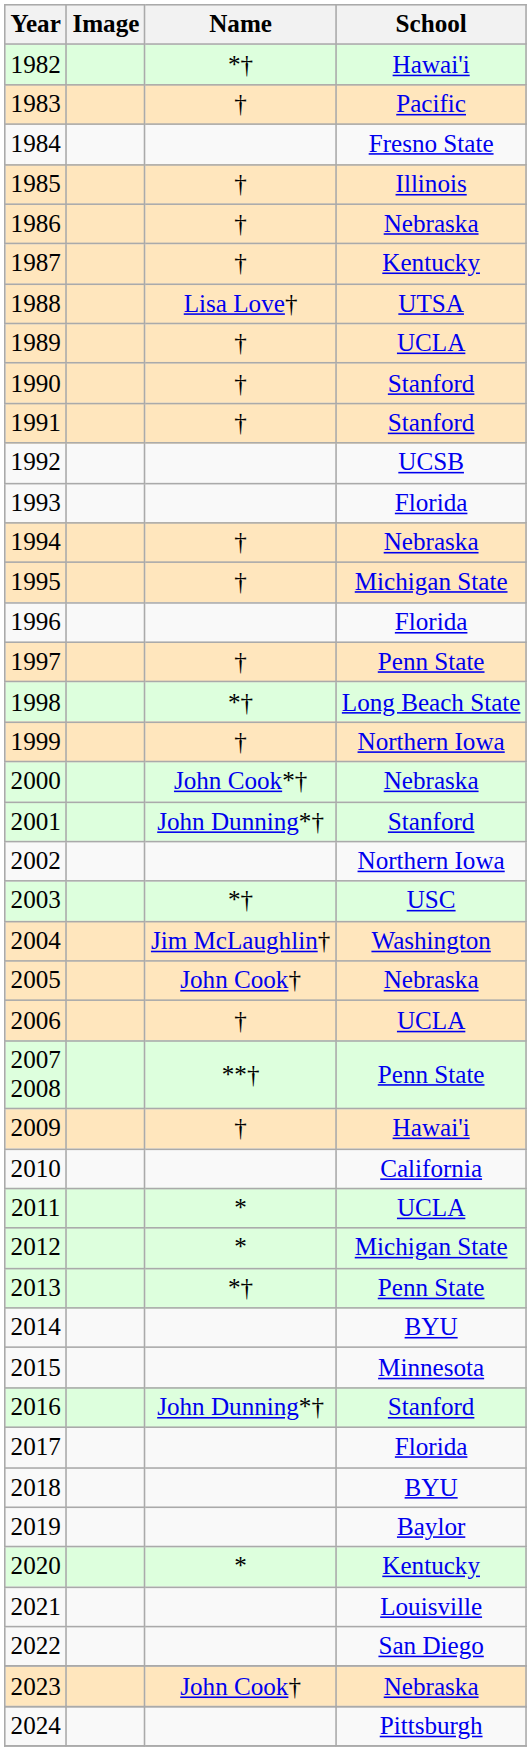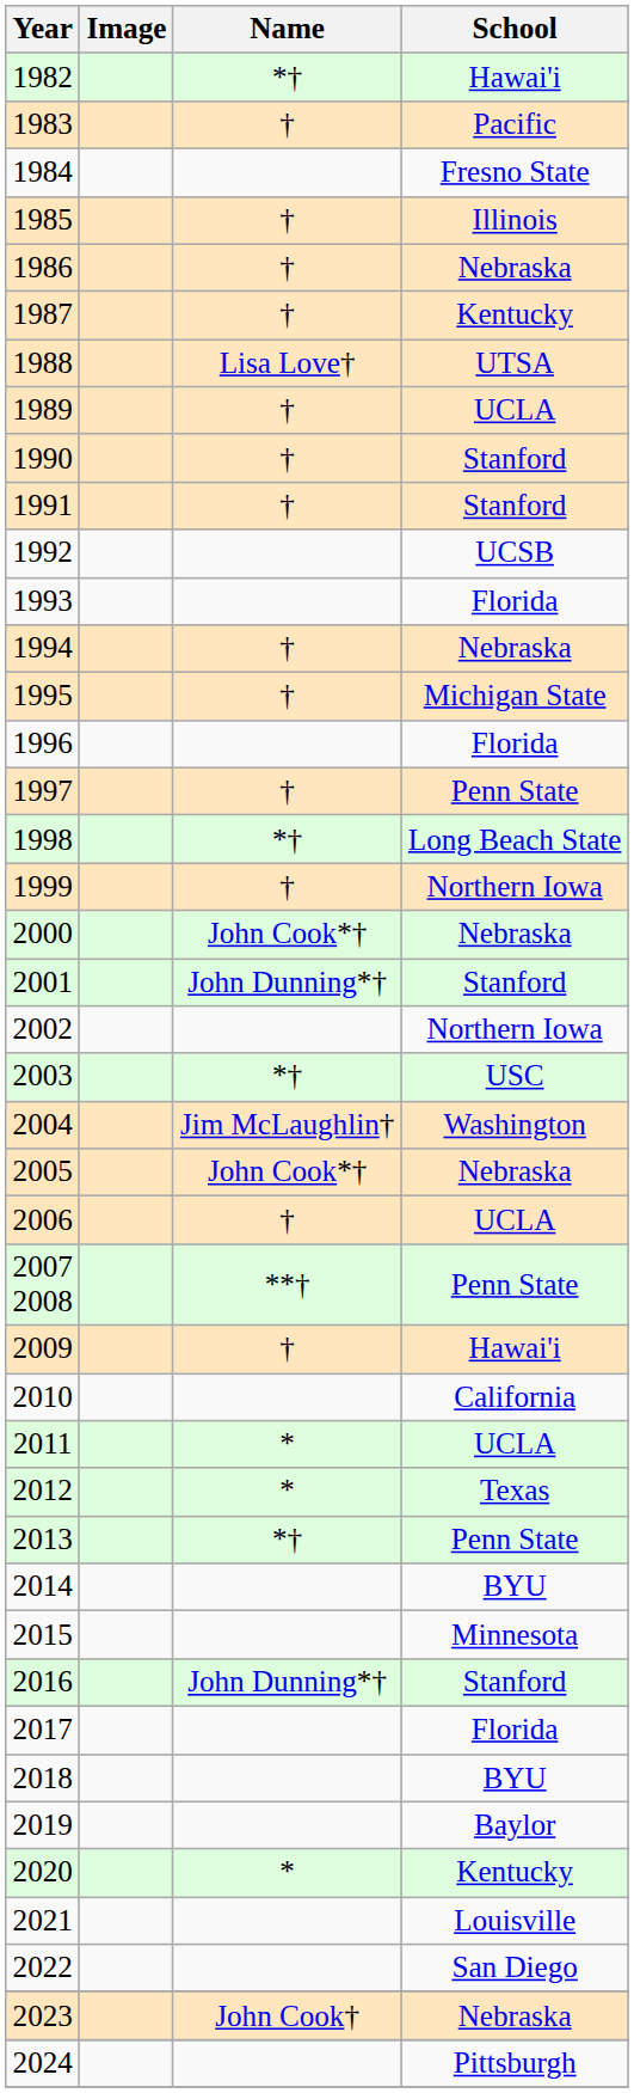 <table class="wikitable plainrowheaders sortable">
 <tr>
 <th scope="col">Year</th>
 <th scope="col" class="unsortable">Image</th>
 <th scope="col">Name</th>
 <th scope="col">School</th>
 </tr>
 <tr style="background:#dfd;">
 <td style="text-align:center;">1982</td>
 <td></td>
 <td style="text-align:center;">*†</td>
 <td style="text-align:center;"><a href='#'>Hawai'i</a></td>
 </tr>
 <tr style="background:#ffe6bd">
 <td style="text-align:center;">1983</td>
 <td></td>
 <td style="text-align:center;">†</td>
 <td style="text-align:center;"><a href='#'>Pacific</a></td>
 </tr>
 <tr>
 <td style="text-align:center;">1984</td>
 <td></td>
 <td style="text-align:center;"></td>
 <td style="text-align:center;"><a href='#'>Fresno State</a></td>
 </tr>
 <tr style="background:#ffe6bd">
 <td style="text-align:center;">1985</td>
 <td></td>
 <td style="text-align:center;">†</td>
 <td style="text-align:center;"><a href='#'>Illinois</a></td>
 </tr>
 <tr style="background:#ffe6bd">
 <td style="text-align:center;">1986</td>
 <td></td>
 <td style="text-align:center;">†</td>
 <td style="text-align:center;"><a href='#'>Nebraska</a></td>
 </tr>
 <tr style="background:#ffe6bd">
 <td style="text-align:center;">1987</td>
 <td></td>
 <td style="text-align:center;">†</td>
 <td style="text-align:center;"><a href='#'>Kentucky</a></td>
 </tr>
 <tr style="background:#ffe6bd">
 <td style="text-align:center;">1988</td>
 <td></td>
 <td style="text-align:center;"><a href='#'>Lisa Love</a>†</td>
 <td style="text-align:center;"><a href='#'>UTSA</a></td>
 </tr>
 <tr style="background:#ffe6bd;">
 <td style="text-align:center;">1989</td>
 <td></td>
 <td style="text-align:center;">†</td>
 <td style="text-align:center;"><a href='#'>UCLA</a></td>
 </tr>
 <tr style="background:#ffe6bd;">
 <td style="text-align:center;">1990</td>
 <td></td>
 <td style="text-align:center;">†</td>
 <td style="text-align:center;"><a href='#'>Stanford</a></td>
 </tr>
 <tr style="background:#ffe6bd;">
 <td style="text-align:center;">1991</td>
 <td></td>
 <td style="text-align:center;">†</td>
 <td style="text-align:center;"><a href='#'>Stanford</a></td>
 </tr>
 <tr>
 <td style="text-align:center;">1992</td>
 <td></td>
 <td style="text-align:center;"></td>
 <td style="text-align:center;"><a href='#'>UCSB</a></td>
 </tr>
 <tr>
 <td style="text-align:center;">1993</td>
 <td></td>
 <td style="text-align:center;"></td>
 <td style="text-align:center;"><a href='#'>Florida</a></td>
 </tr>
 <tr style="background:#ffe6bd">
 <td style="text-align:center;">1994</td>
 <td></td>
 <td style="text-align:center;">†</td>
 <td style="text-align:center;"><a href='#'>Nebraska</a></td>
 </tr>
 <tr style="background:#ffe6bd">
 <td style="text-align:center;">1995</td>
 <td></td>
 <td style="text-align:center;">†</td>
 <td style="text-align:center;"><a href='#'>Michigan State</a></td>
 </tr>
 <tr>
 <td style="text-align:center;">1996</td>
 <td></td>
 <td style="text-align:center;"></td>
 <td style="text-align:center;"><a href='#'>Florida</a></td>
 </tr>
 <tr style="background:#ffe6bd;">
 <td style="text-align:center;">1997</td>
 <td></td>
 <td style="text-align:center;">†</td>
 <td style="text-align:center;"><a href='#'>Penn State</a></td>
 </tr>
 <tr style="background:#dfd;">
 <td style="text-align:center;">1998</td>
 <td></td>
 <td style="text-align:center;">*†</td>
 <td style="text-align:center;"><a href='#'>Long Beach State</a></td>
 </tr>
 <tr style="background:#ffe6bd;">
 <td style="text-align:center;">1999</td>
 <td></td>
 <td style="text-align:center;">†</td>
 <td style="text-align:center;"><a href='#'>Northern Iowa</a></td>
 </tr>
 <tr style="background:#dfd;">
 <td style="text-align:center;">2000</td>
 <td></td>
 <td style="text-align:center;"><a href='#'>John Cook</a>*†</td>
 <td style="text-align:center;"><a href='#'>Nebraska</a></td>
 </tr>
 <tr style="background:#dfd;">
 <td style="text-align:center;">2001</td>
 <td></td>
 <td style="text-align:center;"><a href='#'>John Dunning</a>*†</td>
 <td style="text-align:center;"><a href='#'>Stanford</a></td>
 </tr>
 <tr>
 <td style="text-align:center;">2002</td>
 <td></td>
 <td style="text-align:center;"></td>
 <td style="text-align:center;"><a href='#'>Northern Iowa</a></td>
 </tr>
 <tr style="background:#dfd;">
 <td style="text-align:center;">2003</td>
 <td></td>
 <td style="text-align:center;">*†</td>
 <td style="text-align:center;"><a href='#'>USC</a></td>
 </tr>
 <tr style="background:#ffe6bd;">
 <td style="text-align:center;">2004</td>
 <td></td>
 <td style="text-align:center;"><a href='#'>Jim McLaughlin</a>†</td>
 <td style="text-align:center;"><a href='#'>Washington</a></td>
 </tr>
 <tr style="background:#ffe6bd;">
 <td style="text-align:center;">2005</td>
 <td></td>
-<td style="text-align:center;"><a href='#'>John Cook</a>†</td>
+<td style="text-align:center;"><a href='#'>John Cook</a>*†</td>
 <td style="text-align:center;"><a href='#'>Nebraska</a></td>
 </tr>
 <tr style="background:#ffe6bd;">
 <td style="text-align:center;">2006</td>
 <td></td>
 <td style="text-align:center;">†</td>
 <td style="text-align:center;"><a href='#'>UCLA</a></td>
 </tr>
 <tr style="background:#dfd;">
 <td style="text-align:center;">2007<br>2008</td>
 <td></td>
 <td style="text-align:center;">**†</td>
 <td style="text-align:center;"><a href='#'>Penn State</a></td>
 </tr>
 <tr style="background:#ffe6bd;">
 <td style="text-align:center;">2009</td>
 <td></td>
 <td style="text-align:center;">†</td>
 <td style="text-align:center;"><a href='#'>Hawai'i</a></td>
 </tr>
 <tr>
 <td style="text-align:center;">2010</td>
 <td></td>
 <td style="text-align:center;"></td>
 <td style="text-align:center;"><a href='#'>California</a></td>
 </tr>
 <tr style="background:#dfd;">
 <td style="text-align:center;">2011</td>
 <td></td>
 <td style="text-align:center;">*</td>
 <td style="text-align:center;"><a href='#'>UCLA</a></td>
 </tr>
 <tr style="background:#dfd;">
 <td style="text-align:center;">2012</td>
 <td></td>
 <td style="text-align:center;">*</td>
-<td style="text-align:center;"><a href='#'>Michigan State</a></td>
+<td style="text-align:center;"><a href='#'>Texas</a></td>
 </tr>
 <tr style="background:#dfd;">
 <td style="text-align:center;">2013</td>
 <td></td>
 <td style="text-align:center;">*†</td>
 <td style="text-align:center;"><a href='#'>Penn State</a></td>
 </tr>
 <tr>
 <td style="text-align:center;">2014</td>
 <td></td>
 <td style="text-align:center;"></td>
 <td style="text-align:center;"><a href='#'>BYU</a></td>
 </tr>
 <tr>
 <td style="text-align:center;">2015</td>
 <td></td>
 <td style="text-align:center;"></td>
 <td style="text-align:center;"><a href='#'>Minnesota</a></td>
 </tr>
 <tr style="background:#dfd;">
 <td style="text-align:center;">2016</td>
 <td></td>
 <td style="text-align:center;"><a href='#'>John Dunning</a>*†</td>
 <td style="text-align:center;"><a href='#'>Stanford</a></td>
 </tr>
 <tr>
 <td style="text-align:center;">2017</td>
 <td></td>
 <td style="text-align:center;"></td>
 <td style="text-align:center;"><a href='#'>Florida</a></td>
 </tr>
 <tr style=>
 <td style="text-align:center;">2018</td>
 <td></td>
 <td style="text-align:center;"></td>
 <td style="text-align:center;"><a href='#'>BYU</a></td>
 </tr>
 <tr>
 <td style="text-align:center;">2019</td>
 <td></td>
 <td style="text-align:center;"></td>
 <td style="text-align:center;"><a href='#'>Baylor</a></td>
 </tr>
 <tr style="background:#dfd;">
 <td style="text-align:center;">2020</td>
 <td></td>
 <td style="text-align:center;">*</td>
 <td style="text-align:center;"><a href='#'>Kentucky</a></td>
 </tr>
 <tr>
 <td style="text-align:center;">2021</td>
 <td></td>
 <td style="text-align:center;"></td>
 <td style="text-align:center;"><a href='#'>Louisville</a></td>
 </tr>
 <tr>
 <td style="text-align:center;">2022</td>
 <td></td>
 <td style="text-align:center;"></td>
 <td style="text-align:center;"><a href='#'>San Diego</a></td>
 </tr>
 <tr>
 </tr>
 <tr style="background:#ffe6bd;">
 <td style="text-align:center;">2023</td>
 <td></td>
 <td style="text-align:center;"><a href='#'>John Cook</a>†</td>
 <td style="text-align:center;"><a href='#'>Nebraska</a></td>
 </tr>
 <tr>
 </tr>
 <tr style=>
 <td style="text-align:center;">2024</td>
 <td></td>
 <td style="text-align:center;"></td>
 <td style="text-align:center;"><a href='#'>Pittsburgh</a></td>
 </tr>
 <tr>
 </tr>
 </table>
